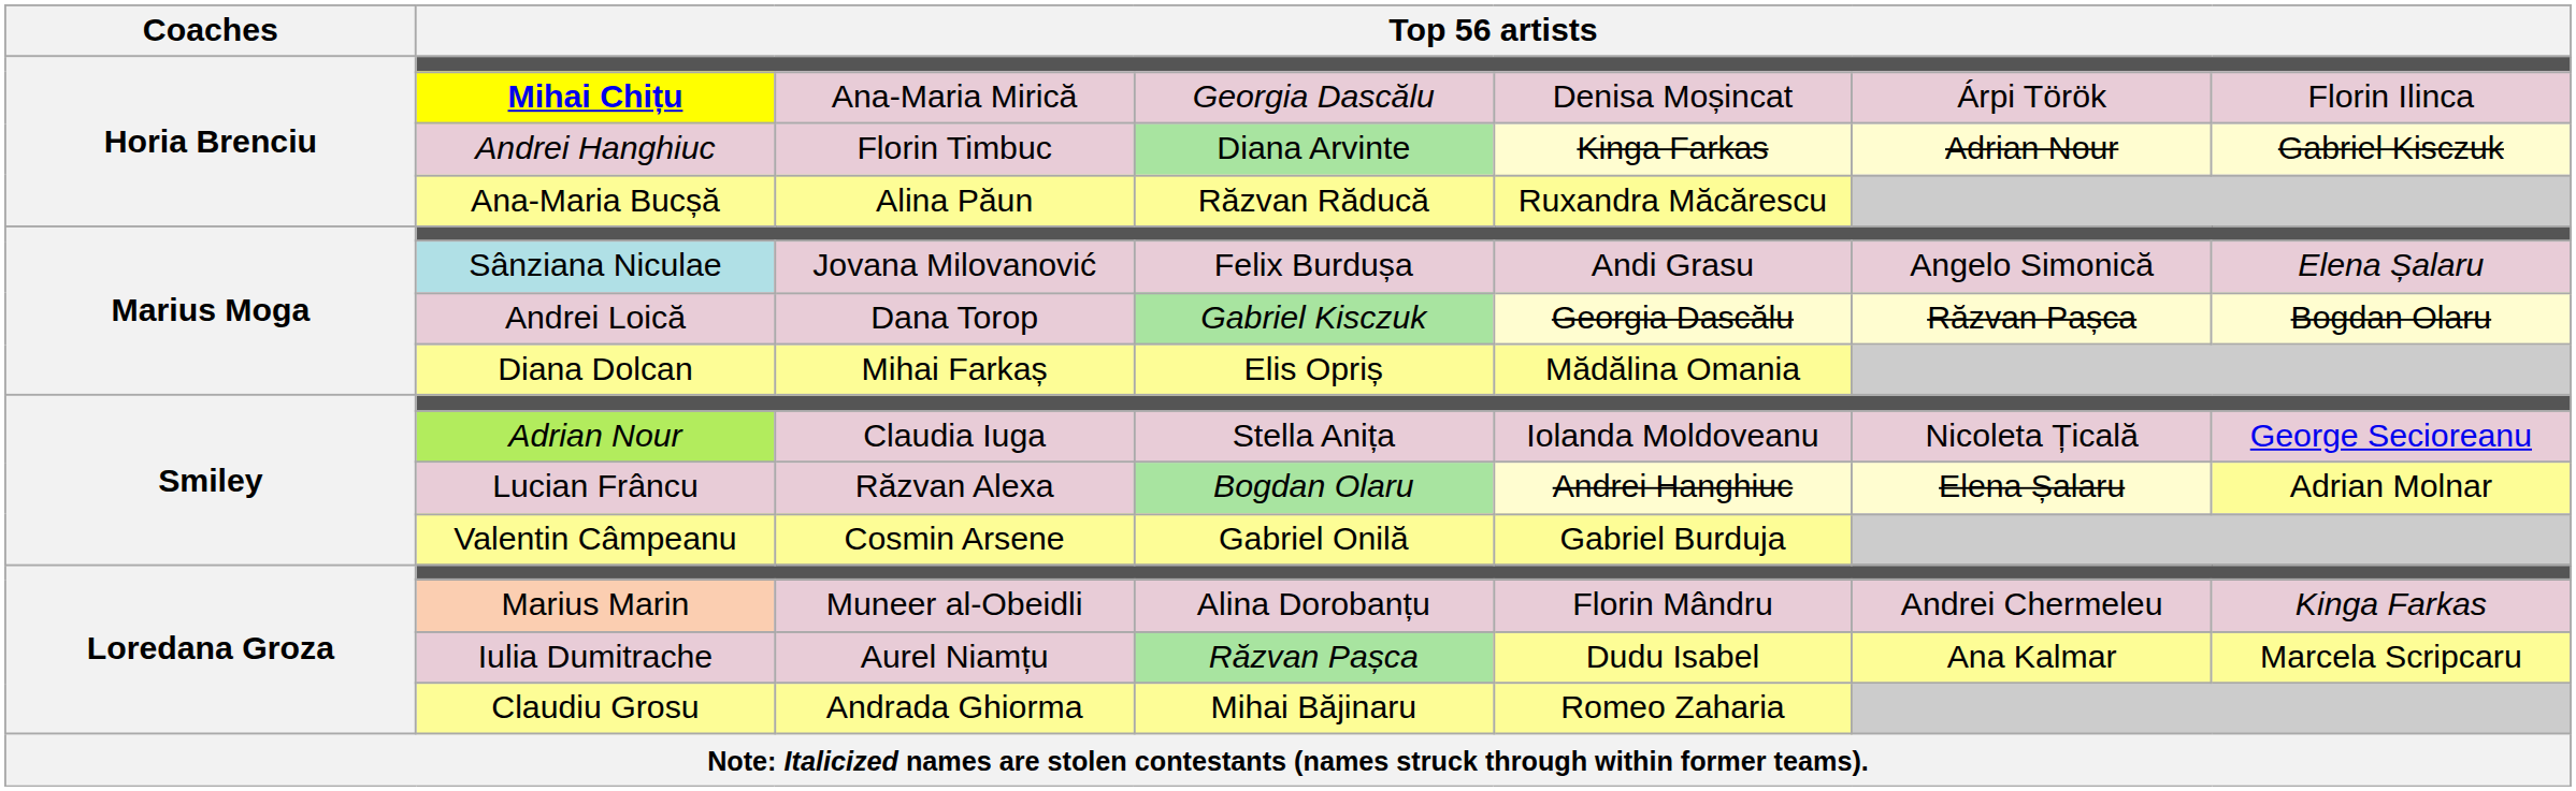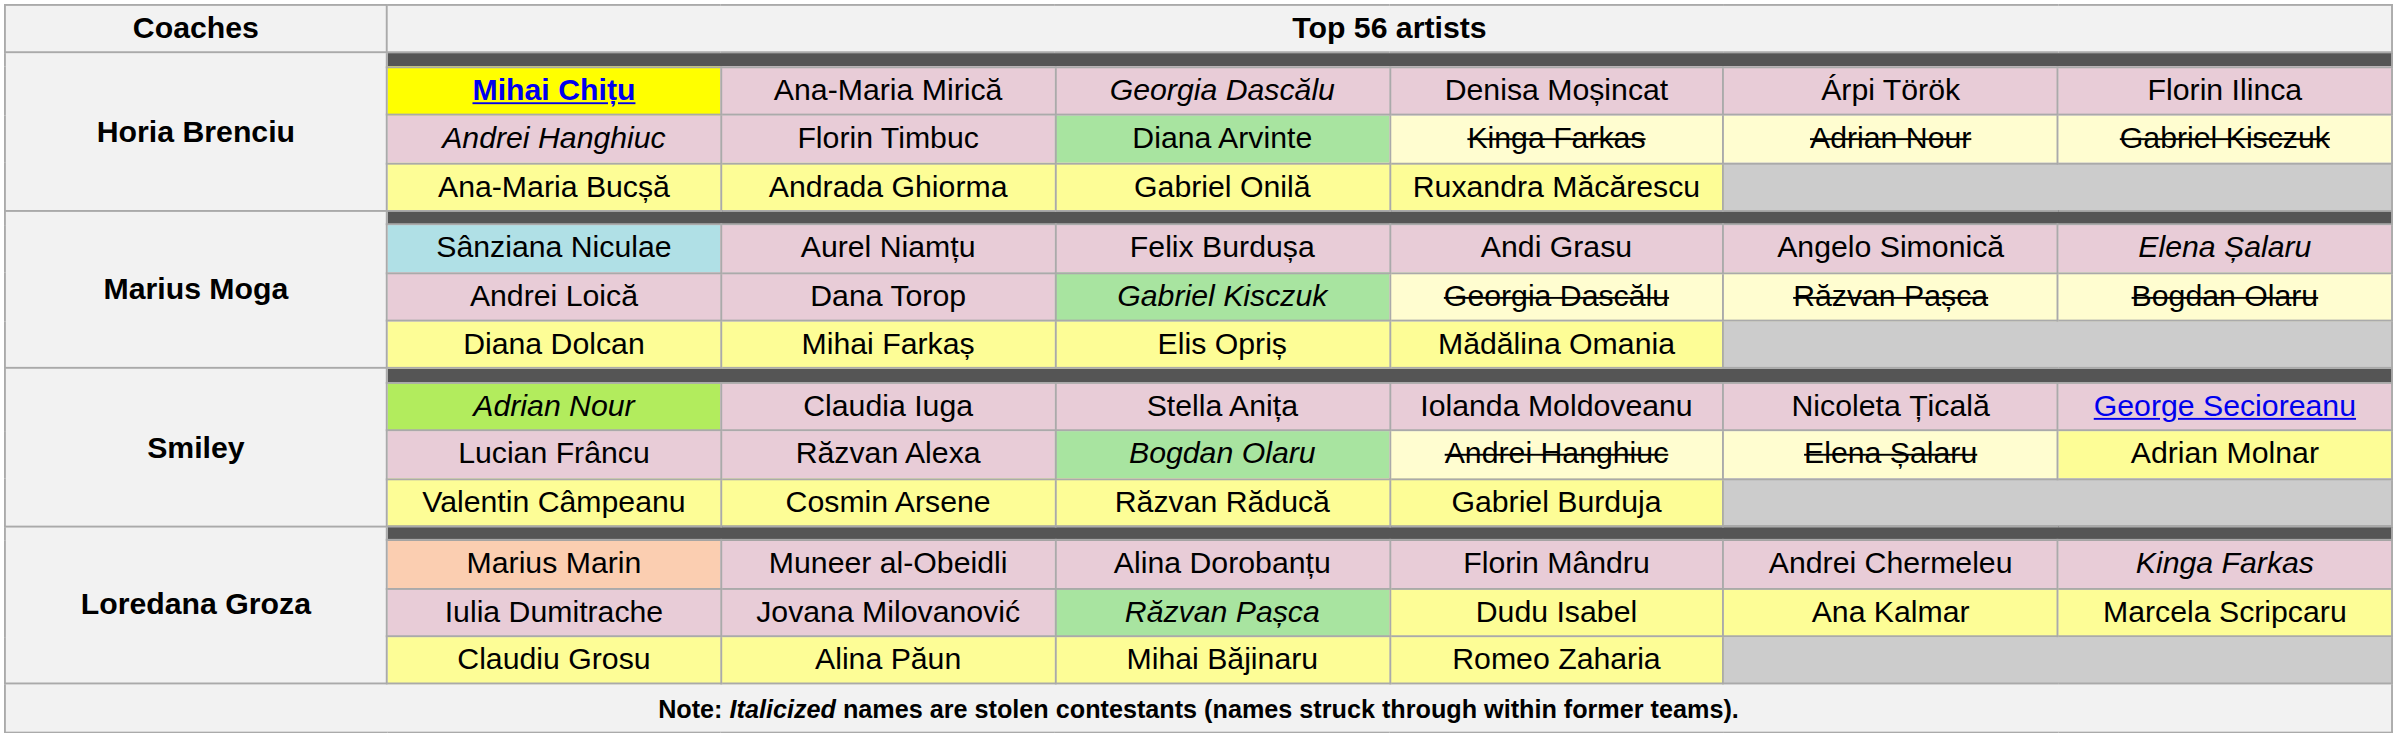 <table class="wikitable" style="text-align:center; width:100%;">
 <tr>
 <th scope="col" style="width:16%;">Coaches</th>
 <th scope="col" style="width:84%;" colspan="10">Top 56 artists</th>
 </tr>
 <tr>
 <th rowspan="4">Horia Brenciu</th>
 <td colspan="6" style="background:#555;"></td>
 </tr>
 <tr>
 <td bgcolor="yellow" width="14%"><strong><a href='#'>Mihai Chițu</a></strong></td>
 <td bgcolor="#e8ccd7" width="14%">Ana-Maria Mirică</td>
 <td bgcolor="#e8ccd7" width="14%"><em>Georgia Dascălu</em></td>
 <td bgcolor="#e8ccd7" width="14%">Denisa Moșincat</td>
 <td bgcolor="#e8ccd7" width="14%">Árpi Török</td>
 <td bgcolor="#e8ccd7" width="14%">Florin Ilinca</td>
 </tr>
 <tr>
 <td bgcolor="#e8ccd7"><em>Andrei Hanghiuc</em></td>
 <td bgcolor="#e8ccd7">Florin Timbuc</td>
 <td bgcolor="#a8e4a0">Diana Arvinte</td>
 <td bgcolor="#fffdd0"><s>Kinga Farkas</s></td>
 <td bgcolor="#fffdd0"><s>Adrian Nour</s></td>
 <td bgcolor="#fffdd0"><s>Gabriel Kisczuk</s></td>
 </tr>
 <tr>
 <td bgcolor="#fdfd96">Ana-Maria Bucșă</td>
-<td bgcolor="#fdfd96">Alina Păun</td>
-<td bgcolor="#fdfd96">Răzvan Răducă</td>
+<td bgcolor="#fdfd96">Andrada Ghiorma</td>
+<td bgcolor="#fdfd96">Gabriel Onilă</td>
 <td bgcolor="#fdfd96">Ruxandra Măcărescu</td>
 <td style="background:#ccc;" colspan="2"></td>
 </tr>
 <tr>
 <th rowspan="4">Marius Moga</th>
 <td colspan="6" style="background:#555"></td>
 </tr>
 <tr>
 <td bgcolor="#b0e0e6">Sânziana Niculae</td>
-<td bgcolor="#e8ccd7">Jovana Milovanović</td>
+<td bgcolor="#e8ccd7">Aurel Niamțu</td>
 <td bgcolor="#e8ccd7">Felix Burdușa</td>
 <td bgcolor="#e8ccd7">Andi Grasu</td>
 <td bgcolor="#e8ccd7">Angelo Simonică</td>
 <td bgcolor="#e8ccd7"><em>Elena Șalaru</em></td>
 </tr>
 <tr>
 <td bgcolor="#e8ccd7">Andrei Loică</td>
 <td bgcolor="#e8ccd7">Dana Torop</td>
 <td bgcolor="#a8e4a0"><em>Gabriel Kisczuk</em></td>
 <td bgcolor="#fffdd0"><s>Georgia Dascălu</s></td>
 <td bgcolor="#fffdd0"><s>Răzvan Pașca</s></td>
 <td bgcolor="#fffdd0"><s>Bogdan Olaru</s></td>
 </tr>
 <tr>
 <td bgcolor="#fdfd96">Diana Dolcan</td>
 <td bgcolor="#fdfd96">Mihai Farkaș</td>
 <td bgcolor="#fdfd96">Elis Opriș</td>
 <td bgcolor="#fdfd96">Mădălina Omania</td>
 <td style="background:#ccc;" colspan="2"></td>
 </tr>
 <tr>
 <th rowspan="4">Smiley</th>
 <td colspan="6" style="background:#555"></td>
 </tr>
 <tr>
 <td bgcolor="#b2ec5d"><em>Adrian Nour</em></td>
 <td bgcolor="#e8ccd7">Claudia Iuga</td>
 <td bgcolor="#e8ccd7">Stella Anița</td>
 <td bgcolor="#e8ccd7">Iolanda Moldoveanu</td>
 <td bgcolor="#e8ccd7">Nicoleta Țicală</td>
 <td bgcolor="#e8ccd7"><a href='#'>George Secioreanu</a></td>
 </tr>
 <tr>
 <td bgcolor="#e8ccd7">Lucian Frâncu</td>
 <td bgcolor="#e8ccd7">Răzvan Alexa</td>
 <td bgcolor="#a8e4a0"><em>Bogdan Olaru</em></td>
 <td bgcolor="#fffdd0"><s>Andrei Hanghiuc</s></td>
 <td bgcolor="#fffdd0"><s>Elena Șalaru</s></td>
 <td bgcolor="#fdfd96">Adrian Molnar</td>
 </tr>
 <tr>
 <td bgcolor="#fdfd96">Valentin Câmpeanu</td>
 <td bgcolor="#fdfd96">Cosmin Arsene</td>
-<td bgcolor="#fdfd96">Gabriel Onilă</td>
+<td bgcolor="#fdfd96">Răzvan Răducă</td>
 <td bgcolor="#fdfd96">Gabriel Burduja</td>
 <td style="background:#ccc;" colspan="2"></td>
 </tr>
 <tr>
 <th rowspan="4">Loredana Groza</th>
 <td colspan="6" style="background:#555"></td>
 </tr>
 <tr>
 <td bgcolor="#fbceb1">Marius Marin</td>
 <td bgcolor="#e8ccd7">Muneer al-Obeidli</td>
 <td bgcolor="#e8ccd7">Alina Dorobanțu</td>
 <td bgcolor="#e8ccd7">Florin Mândru</td>
 <td bgcolor="#e8ccd7">Andrei Chermeleu</td>
 <td bgcolor="#e8ccd7"><em>Kinga Farkas</em></td>
 </tr>
 <tr>
 <td bgcolor="#e8ccd7">Iulia Dumitrache</td>
-<td bgcolor="#e8ccd7">Aurel Niamțu</td>
+<td bgcolor="#e8ccd7">Jovana Milovanović</td>
 <td bgcolor="#a8e4a0"><em>Răzvan Pașca</em></td>
 <td bgcolor="#fdfd96">Dudu Isabel</td>
 <td bgcolor="#fdfd96">Ana Kalmar</td>
 <td bgcolor="#fdfd96">Marcela Scripcaru</td>
 </tr>
 <tr>
 <td bgcolor="#fdfd96">Claudiu Grosu</td>
-<td bgcolor="#fdfd96">Andrada Ghiorma</td>
+<td bgcolor="#fdfd96">Alina Păun</td>
 <td bgcolor="#fdfd96">Mihai Băjinaru</td>
 <td bgcolor="#fdfd96">Romeo Zaharia</td>
 <td style="background:#ccc;" colspan="2"></td>
 </tr>
 <tr>
 <th colspan="7"><small>Note: <em>Italicized</em> names are stolen contestants (names struck through within former teams).</small></th>
 </tr>
 </table>
